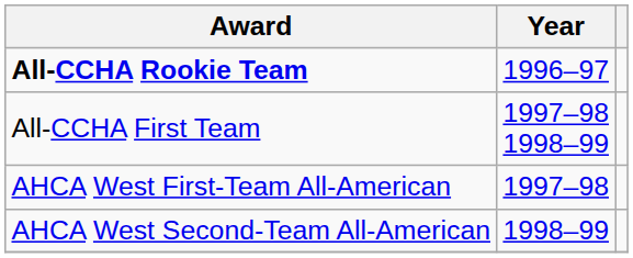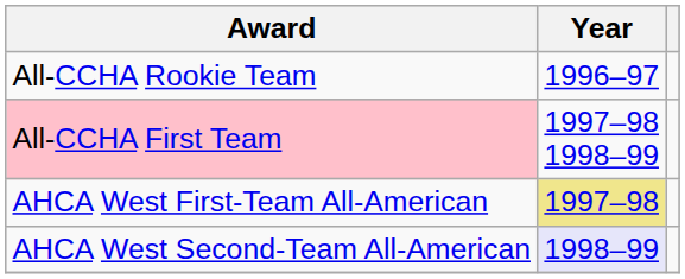 <table class="wikitable">
 <tr>
 <th>Award</th>
 <th>Year</th>
 <th></th>
 </tr>
 <tr>
-<td><strong>All-<a href='#'>CCHA</a> <a href='#'>Rookie Team</a></strong></td>
+<td>All-<a href='#'>CCHA</a> <a href='#'>Rookie Team</a></td>
 <td><a href='#'>1996–97</a></td>
 <td></td>
 </tr>
 <tr>
-<td>All-<a href='#'>CCHA</a> <a href='#'>First Team</a></td>
+<td style="background: pink;">All-<a href='#'>CCHA</a> <a href='#'>First Team</a></td>
 <td><a href='#'>1997–98</a><br><a href='#'>1998–99</a></td>
 <td></td>
 </tr>
 <tr>
 <td><a href='#'>AHCA</a> <a href='#'>West First-Team All-American</a></td>
-<td><a href='#'>1997–98</a></td>
+<td style="background: khaki;"><a href='#'>1997–98</a></td>
 <td></td>
 </tr>
 <tr>
 <td><a href='#'>AHCA</a> <a href='#'>West Second-Team All-American</a></td>
-<td><a href='#'>1998–99</a></td>
+<td style="background: lavender;"><a href='#'>1998–99</a></td>
 <td></td>
 </tr>
 <tr>
 </tr>
 </table>
